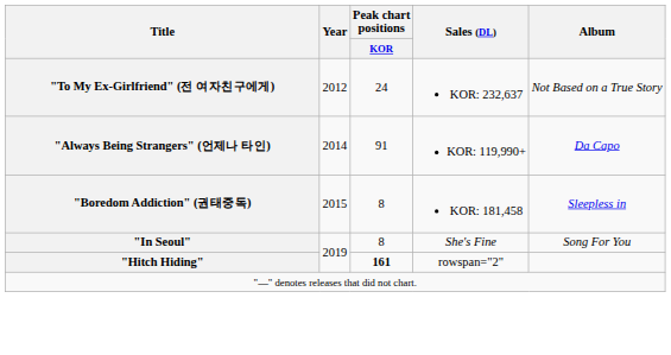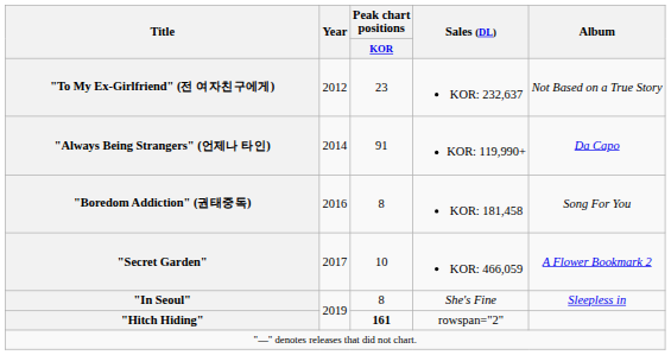 <table class="wikitable plainrowheaders" style="text-align:center;">
 <tr>
 <th scope="col" rowspan="2" style="width:25em;">Title</th>
 <th scope="col" rowspan="2">Year</th>
 <th scope="col" colspan="1">Peak chart <br> positions</th>
 <th scope="col" rowspan="2">Sales <small>(<a href='#'>DL</a>)</small></th>
 <th scope="col" rowspan="2">Album</th>
 </tr>
 <tr>
 <th><small><a href='#'>KOR</a></small><br></th>
 </tr>
 <tr>
 <th scope="row">"To My Ex-Girlfriend" (전 여자친구에게)<br></th>
 <td>2012</td>
-<td>24</td>
+<td>23</td>
 <td><br><ul><li>KOR: 232,637</li></ul></td>
 <td><em>Not Based on a True Story</em></td>
 </tr>
 <tr>
 <th scope="row">"Always Being Strangers" (언제나 타인)<br></th>
 <td>2014</td>
 <td>91</td>
 <td><br><ul><li>KOR: 119,990+</li></ul></td>
 <td><em><a href='#'>Da Capo</a></em></td>
 </tr>
 <tr>
 <th scope="row">"Boredom Addiction" (권태중독)<br></th>
-<td>2015</td>
+<td>2016</td>
 <td>8</td>
 <td><br><ul><li>KOR: 181,458</li></ul></td>
-<td><em><a href='#'>Sleepless in </a></em></td>
+<td><em>Song For You</em></td>
+</tr>
+<tr>
+<th scope="row">"Secret Garden"<br></th>
+<td>2017</td>
+<td>10</td>
+<td><br><ul><li>KOR: 466,059</li></ul></td>
+<td><em><a href='#'>A Flower Bookmark 2</a></em></td>
 </tr>
 <tr>
 <th scope="row">"In Seoul"<br></th>
 <td rowspan="2">2019</td>
 <td>8</td>
 <td><em>She's Fine </em></td>
-<td><em>Song For You</em></td>
+<td><em><a href='#'>Sleepless in </a></em></td>
 </tr>
 <tr>
 <th scope = "row">"Hitch Hiding" <br></th>
 <td><strong>161</strong></td>
 <td>rowspan="2" </td>
 </tr>
 <tr>
 <td colspan="5"><small>"—" denotes releases that did not chart.</small></td>
 </tr>
 </table>
